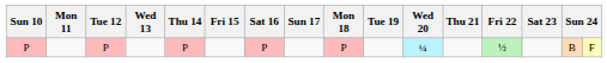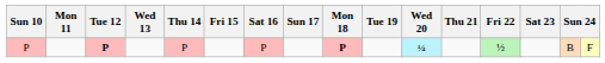 <table class="wikitable" style="margin:0.5em auto; font-size:90%; line-height:1.25em; text-align:center">
 <tr>
 <th width="45">Sun 10</th>
 <th width="45">Mon 11</th>
 <th width="45">Tue 12</th>
 <th width="45">Wed 13</th>
 <th width="45">Thu 14</th>
 <th width="45">Fri 15</th>
 <th width="45">Sat 16</th>
 <th width="45">Sun 17</th>
 <th width="45">Mon 18</th>
 <th width="45">Tue 19</th>
 <th width="45" colspan="2">Wed 20</th>
 <th width="45" colspan="2">Thu 21</th>
 <th width="45" colspan="2">Fri 22</th>
 <th width="45">Sat 23</th>
 <th width="45" colspan="2">Sun 24</th>
 </tr>
 <tr>
 <td bgcolor="#FFBBBB">P</td>
 <td></td>
-<td bgcolor="#FFBBBB">P</td>
+<td bgcolor="#FFBBBB"><strong>P</strong></td>
 <td></td>
 <td bgcolor="#FFBBBB">P</td>
 <td></td>
 <td bgcolor="#FFBBBB">P</td>
 <td></td>
-<td bgcolor="#FFBBBB">P</td>
+<td bgcolor="#FFBBBB"><strong>P</strong></td>
 <td></td>
 <td bgcolor="#BBF3FF" colspan="2">¼</td>
 <td colspan="2"></td>
 <td bgcolor="#BBF3BB" colspan="2">½</td>
 <td></td>
 <td bgcolor="#FEDCBA">B</td>
 <td bgcolor="#FFFFBB">F</td>
 </tr>
 </table>
